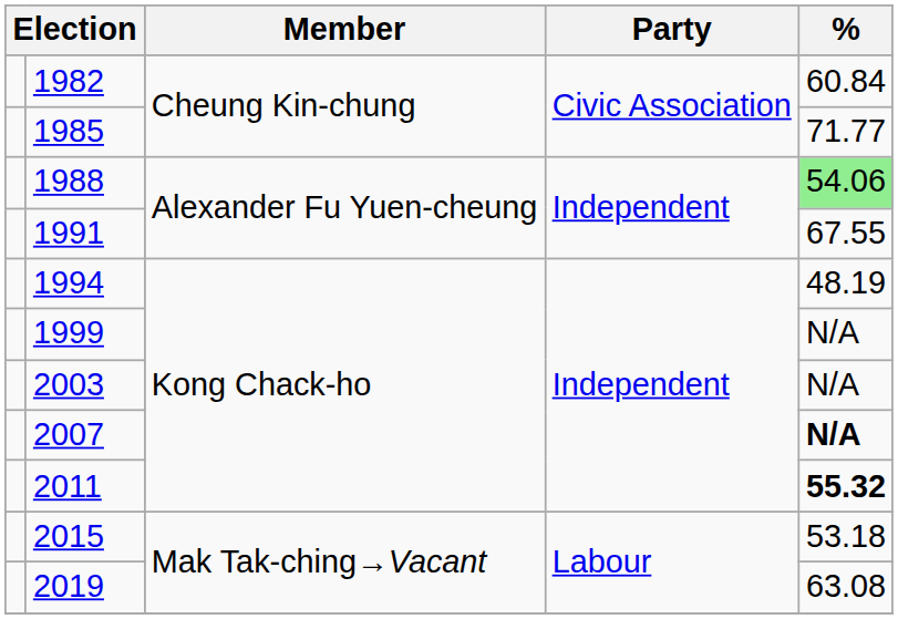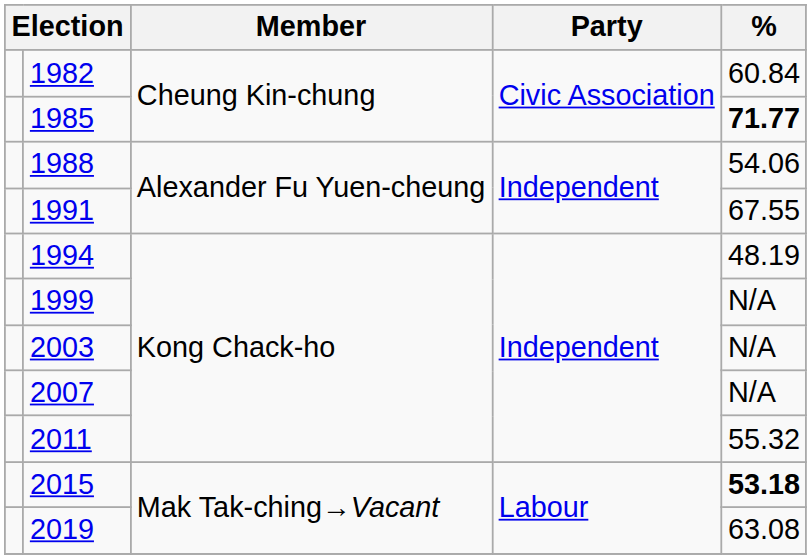 <table class="wikitable">
 <tr>
 <th colspan="2">Election</th>
 <th>Member</th>
 <th>Party</th>
 <th>%</th>
 </tr>
 <tr>
 <td style="background-color: "></td>
 <td><a href='#'>1982</a></td>
 <td rowspan=2>Cheung Kin-chung</td>
 <td rowspan=2><a href='#'>Civic Association</a></td>
 <td>60.84</td>
 </tr>
 <tr>
 <td style="background-color: "></td>
 <td><a href='#'>1985</a></td>
-<td>71.77</td>
+<td><strong>71.77</strong></td>
 </tr>
 <tr>
 <td style="background-color: "></td>
 <td><a href='#'>1988</a></td>
 <td rowspan=2>Alexander Fu Yuen-cheung</td>
 <td rowspan=2><a href='#'>Independent</a></td>
-<td style="background: lightgreen;">54.06</td>
+<td>54.06</td>
 </tr>
 <tr>
 <td style="background-color: "></td>
 <td><a href='#'>1991</a></td>
 <td>67.55</td>
 </tr>
 <tr>
 <td style="background-color: "></td>
 <td><a href='#'>1994</a></td>
 <td rowspan=5>Kong Chack-ho</td>
 <td rowspan=5><a href='#'>Independent</a></td>
 <td>48.19</td>
 </tr>
 <tr>
 <td style="background-color: "></td>
 <td><a href='#'>1999</a></td>
 <td>N/A</td>
 </tr>
 <tr>
 <td style="background-color: "></td>
 <td><a href='#'>2003</a></td>
 <td>N/A</td>
 </tr>
 <tr>
 <td style="background-color: "></td>
 <td><a href='#'>2007</a></td>
-<td><strong>N/A</strong></td>
+<td>N/A</td>
 </tr>
 <tr>
 <td style="background-color: "></td>
 <td><a href='#'>2011</a></td>
-<td><strong>55.32</strong></td>
+<td>55.32</td>
 </tr>
 <tr>
 <td style="background-color: "></td>
 <td><a href='#'>2015</a></td>
 <td rowspan=2>Mak Tak-ching→<em>Vacant</em></td>
 <td rowspan=2><a href='#'>Labour</a></td>
-<td>53.18</td>
+<td><strong>53.18</strong></td>
 </tr>
 <tr>
 <td style="background-color: "></td>
 <td><a href='#'>2019</a></td>
 <td>63.08</td>
 </tr>
 <tr>
 </tr>
 </table>
